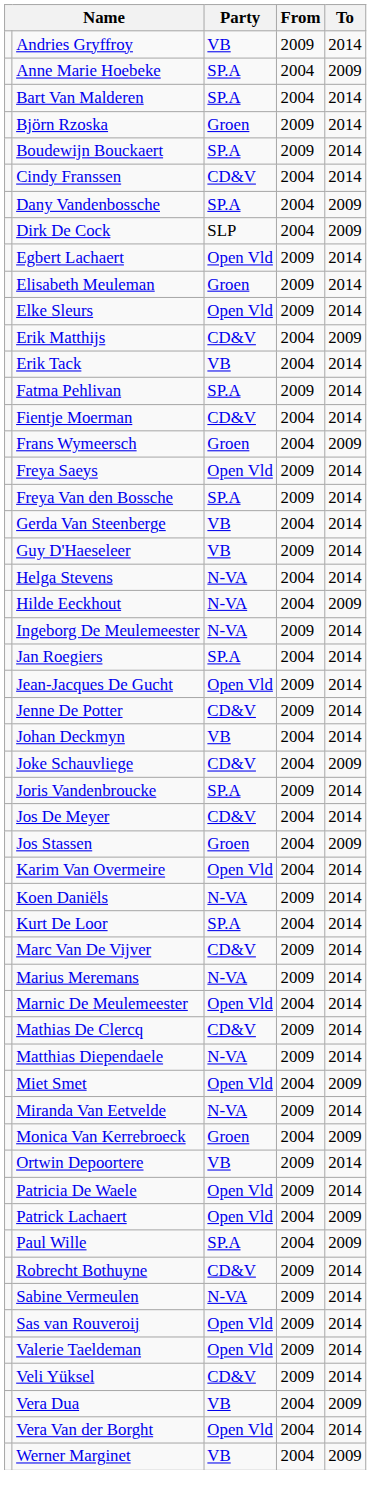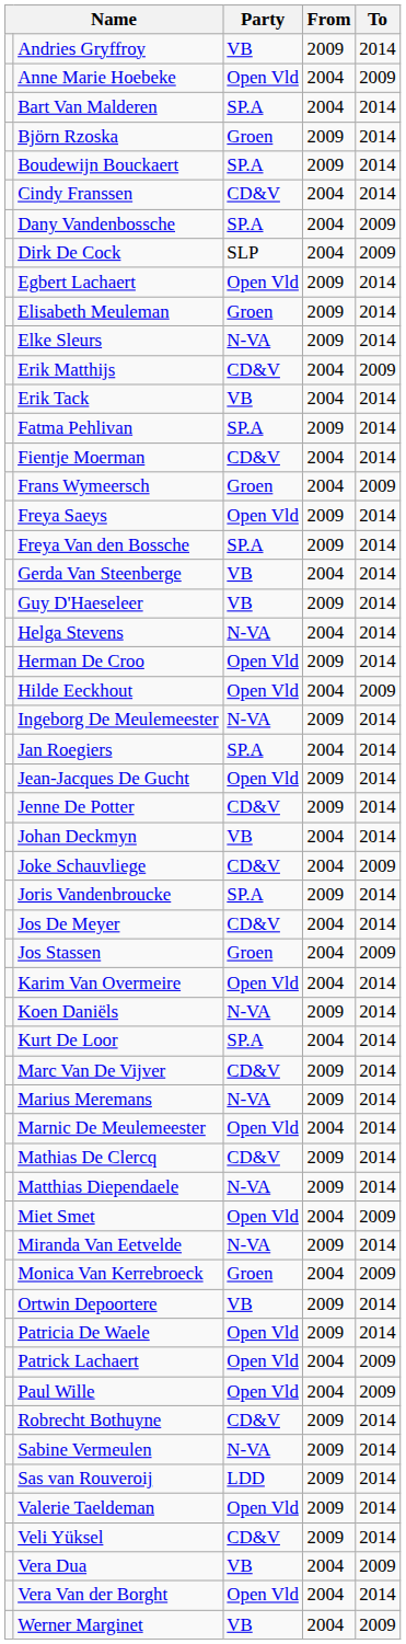 <table class="wikitable sortable">
 <tr>
 <th colspan=2>Name</th>
 <th>Party</th>
 <th>From</th>
 <th>To</th>
 </tr>
 <tr>
 <td style="background-color: "></td>
 <td><a href='#'>Andries Gryffroy</a></td>
 <td><a href='#'>VB</a></td>
 <td>2009</td>
 <td>2014</td>
 </tr>
 <tr>
 <td style="background-color: "></td>
 <td><a href='#'>Anne Marie Hoebeke</a></td>
-<td><a href='#'>SP.A</a></td>
+<td><a href='#'>Open Vld</a></td>
 <td>2004</td>
 <td>2009</td>
 </tr>
 <tr>
 <td style="background-color: "></td>
 <td><a href='#'>Bart Van Malderen</a></td>
 <td><a href='#'>SP.A</a></td>
 <td>2004</td>
 <td>2014</td>
 </tr>
 <tr>
 <td style="background-color: "></td>
 <td><a href='#'>Björn Rzoska</a></td>
 <td><a href='#'>Groen</a></td>
 <td>2009</td>
 <td>2014</td>
 </tr>
 <tr>
 <td style="background-color: "></td>
 <td><a href='#'>Boudewijn Bouckaert</a></td>
 <td><a href='#'>SP.A</a></td>
 <td>2009</td>
 <td>2014</td>
 </tr>
 <tr>
 <td style="background-color: "></td>
 <td><a href='#'>Cindy Franssen</a></td>
 <td><a href='#'>CD&V</a></td>
 <td>2004</td>
 <td>2014</td>
 </tr>
 <tr>
 <td style="background-color: "></td>
 <td><a href='#'>Dany Vandenbossche</a></td>
 <td><a href='#'>SP.A</a></td>
 <td>2004</td>
 <td>2009</td>
 </tr>
 <tr>
 <td style="background-color: "></td>
 <td><a href='#'>Dirk De Cock</a></td>
 <td>SLP</td>
 <td>2004</td>
 <td>2009</td>
 </tr>
 <tr>
 <td style="background-color: "></td>
 <td><a href='#'>Egbert Lachaert</a></td>
 <td><a href='#'>Open Vld</a></td>
 <td>2009</td>
 <td>2014</td>
 </tr>
 <tr>
 <td style="background-color: "></td>
 <td><a href='#'>Elisabeth Meuleman</a></td>
 <td><a href='#'>Groen</a></td>
 <td>2009</td>
 <td>2014</td>
 </tr>
 <tr>
 <td style="background-color: "></td>
 <td><a href='#'>Elke Sleurs</a></td>
-<td><a href='#'>Open Vld</a></td>
+<td><a href='#'>N-VA</a></td>
 <td>2009</td>
 <td>2014</td>
 </tr>
 <tr>
 <td style="background-color: "></td>
 <td><a href='#'>Erik Matthijs</a></td>
 <td><a href='#'>CD&V</a></td>
 <td>2004</td>
 <td>2009</td>
 </tr>
 <tr>
 <td style="background-color: "></td>
 <td><a href='#'>Erik Tack</a></td>
 <td><a href='#'>VB</a></td>
 <td>2004</td>
 <td>2014</td>
 </tr>
 <tr>
 <td style="background-color: "></td>
 <td><a href='#'>Fatma Pehlivan</a></td>
 <td><a href='#'>SP.A</a></td>
 <td>2009</td>
 <td>2014</td>
 </tr>
 <tr>
 <td style="background-color: "></td>
 <td><a href='#'>Fientje Moerman</a></td>
 <td><a href='#'>CD&V</a></td>
 <td>2004</td>
 <td>2014</td>
 </tr>
 <tr>
 <td style="background-color: "></td>
 <td><a href='#'>Frans Wymeersch</a></td>
 <td><a href='#'>Groen</a></td>
 <td>2004</td>
 <td>2009</td>
 </tr>
 <tr>
 <td style="background-color: "></td>
 <td><a href='#'>Freya Saeys</a></td>
 <td><a href='#'>Open Vld</a></td>
 <td>2009</td>
 <td>2014</td>
 </tr>
 <tr>
 <td style="background-color: "></td>
 <td><a href='#'>Freya Van den Bossche</a></td>
 <td><a href='#'>SP.A</a></td>
 <td>2009</td>
 <td>2014</td>
 </tr>
 <tr>
 <td style="background-color: "></td>
 <td><a href='#'>Gerda Van Steenberge</a></td>
 <td><a href='#'>VB</a></td>
 <td>2004</td>
 <td>2014</td>
 </tr>
 <tr>
 <td style="background-color: "></td>
 <td><a href='#'>Guy D'Haeseleer</a></td>
 <td><a href='#'>VB</a></td>
 <td>2009</td>
 <td>2014</td>
 </tr>
 <tr>
 <td style="background-color: "></td>
 <td><a href='#'>Helga Stevens</a></td>
 <td><a href='#'>N-VA</a></td>
 <td>2004</td>
 <td>2014</td>
 </tr>
 <tr>
 <td style="background-color: "></td>
+<td><a href='#'>Herman De Croo</a></td>
+<td><a href='#'>Open Vld</a></td>
+<td>2009</td>
+<td>2014</td>
+</tr>
+<tr>
+<td style="background-color: "></td>
 <td><a href='#'>Hilde Eeckhout</a></td>
-<td><a href='#'>N-VA</a></td>
+<td><a href='#'>Open Vld</a></td>
 <td>2004</td>
 <td>2009</td>
 </tr>
 <tr>
 <td style="background-color: "></td>
 <td><a href='#'>Ingeborg De Meulemeester</a></td>
 <td><a href='#'>N-VA</a></td>
 <td>2009</td>
 <td>2014</td>
 </tr>
 <tr>
 <td style="background-color: "></td>
 <td><a href='#'>Jan Roegiers</a></td>
 <td><a href='#'>SP.A</a></td>
 <td>2004</td>
 <td>2014</td>
 </tr>
 <tr>
 <td style="background-color: "></td>
 <td><a href='#'>Jean-Jacques De Gucht</a></td>
 <td><a href='#'>Open Vld</a></td>
 <td>2009</td>
 <td>2014</td>
 </tr>
 <tr>
 <td style="background-color: "></td>
 <td><a href='#'>Jenne De Potter</a></td>
 <td><a href='#'>CD&V</a></td>
 <td>2009</td>
 <td>2014</td>
 </tr>
 <tr>
 <td style="background-color: "></td>
 <td><a href='#'>Johan Deckmyn</a></td>
 <td><a href='#'>VB</a></td>
 <td>2004</td>
 <td>2014</td>
 </tr>
 <tr>
 <td style="background-color: "></td>
 <td><a href='#'>Joke Schauvliege</a></td>
 <td><a href='#'>CD&V</a></td>
 <td>2004</td>
 <td>2009</td>
 </tr>
 <tr>
 <td style="background-color: "></td>
 <td><a href='#'>Joris Vandenbroucke</a></td>
 <td><a href='#'>SP.A</a></td>
 <td>2009</td>
 <td>2014</td>
 </tr>
 <tr>
 <td style="background-color: "></td>
 <td><a href='#'>Jos De Meyer</a></td>
 <td><a href='#'>CD&V</a></td>
 <td>2004</td>
 <td>2014</td>
 </tr>
 <tr>
 <td style="background-color: "></td>
 <td><a href='#'>Jos Stassen</a></td>
 <td><a href='#'>Groen</a></td>
 <td>2004</td>
 <td>2009</td>
 </tr>
 <tr>
 <td style="background-color: "></td>
 <td><a href='#'>Karim Van Overmeire</a></td>
 <td><a href='#'>Open Vld</a></td>
 <td>2004</td>
 <td>2014</td>
 </tr>
 <tr>
 <td style="background-color: "></td>
 <td><a href='#'>Koen Daniëls</a></td>
 <td><a href='#'>N-VA</a></td>
 <td>2009</td>
 <td>2014</td>
 </tr>
 <tr>
 <td style="background-color: "></td>
 <td><a href='#'>Kurt De Loor</a></td>
 <td><a href='#'>SP.A</a></td>
 <td>2004</td>
 <td>2014</td>
 </tr>
 <tr>
 <td style="background-color: "></td>
 <td><a href='#'>Marc Van De Vijver</a></td>
 <td><a href='#'>CD&V</a></td>
 <td>2009</td>
 <td>2014</td>
 </tr>
 <tr>
 <td style="background-color: "></td>
 <td><a href='#'>Marius Meremans</a></td>
 <td><a href='#'>N-VA</a></td>
 <td>2009</td>
 <td>2014</td>
 </tr>
 <tr>
 <td style="background-color: "></td>
 <td><a href='#'>Marnic De Meulemeester</a></td>
 <td><a href='#'>Open Vld</a></td>
 <td>2004</td>
 <td>2014</td>
 </tr>
 <tr>
 <td style="background-color: "></td>
 <td><a href='#'>Mathias De Clercq</a></td>
 <td><a href='#'>CD&V</a></td>
 <td>2009</td>
 <td>2014</td>
 </tr>
 <tr>
 <td style="background-color: "></td>
 <td><a href='#'>Matthias Diependaele</a></td>
 <td><a href='#'>N-VA</a></td>
 <td>2009</td>
 <td>2014</td>
 </tr>
 <tr>
 <td style="background-color: "></td>
 <td><a href='#'>Miet Smet</a></td>
 <td><a href='#'>Open Vld</a></td>
 <td>2004</td>
 <td>2009</td>
 </tr>
 <tr>
 <td style="background-color: "></td>
 <td><a href='#'>Miranda Van Eetvelde</a></td>
 <td><a href='#'>N-VA</a></td>
 <td>2009</td>
 <td>2014</td>
 </tr>
 <tr>
 <td style="background-color: "></td>
 <td><a href='#'>Monica Van Kerrebroeck</a></td>
 <td><a href='#'>Groen</a></td>
 <td>2004</td>
 <td>2009</td>
 </tr>
 <tr>
 <td style="background-color: "></td>
 <td><a href='#'>Ortwin Depoortere</a></td>
 <td><a href='#'>VB</a></td>
 <td>2009</td>
 <td>2014</td>
 </tr>
 <tr>
 <td style="background-color: "></td>
 <td><a href='#'>Patricia De Waele</a></td>
 <td><a href='#'>Open Vld</a></td>
 <td>2009</td>
 <td>2014</td>
 </tr>
 <tr>
 <td style="background-color: "></td>
 <td><a href='#'>Patrick Lachaert</a></td>
 <td><a href='#'>Open Vld</a></td>
 <td>2004</td>
 <td>2009</td>
 </tr>
 <tr>
 <td style="background-color: "></td>
 <td><a href='#'>Paul Wille</a></td>
-<td><a href='#'>SP.A</a></td>
+<td><a href='#'>Open Vld</a></td>
 <td>2004</td>
 <td>2009</td>
 </tr>
 <tr>
 <td style="background-color: "></td>
 <td><a href='#'>Robrecht Bothuyne</a></td>
 <td><a href='#'>CD&V</a></td>
 <td>2009</td>
 <td>2014</td>
 </tr>
 <tr>
 <td style="background-color: "></td>
 <td><a href='#'>Sabine Vermeulen</a></td>
 <td><a href='#'>N-VA</a></td>
 <td>2009</td>
 <td>2014</td>
 </tr>
 <tr>
 <td style="background-color: "></td>
 <td><a href='#'>Sas van Rouveroij</a></td>
-<td><a href='#'>Open Vld</a></td>
+<td><a href='#'>LDD</a></td>
 <td>2009</td>
 <td>2014</td>
 </tr>
 <tr>
 <td style="background-color: "></td>
 <td><a href='#'>Valerie Taeldeman</a></td>
 <td><a href='#'>Open Vld</a></td>
 <td>2009</td>
 <td>2014</td>
 </tr>
 <tr>
 <td style="background-color: "></td>
 <td><a href='#'>Veli Yüksel</a></td>
 <td><a href='#'>CD&V</a></td>
 <td>2009</td>
 <td>2014</td>
 </tr>
 <tr>
 <td style="background-color: "></td>
 <td><a href='#'>Vera Dua</a></td>
 <td><a href='#'>VB</a></td>
 <td>2004</td>
 <td>2009</td>
 </tr>
 <tr>
 <td style="background-color: "></td>
 <td><a href='#'>Vera Van der Borght</a></td>
 <td><a href='#'>Open Vld</a></td>
 <td>2004</td>
 <td>2014</td>
 </tr>
 <tr>
 <td style="background-color: "></td>
 <td><a href='#'>Werner Marginet</a></td>
 <td><a href='#'>VB</a></td>
 <td>2004</td>
 <td>2009</td>
 </tr>
 </table>
